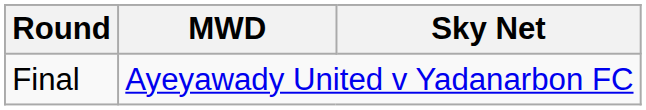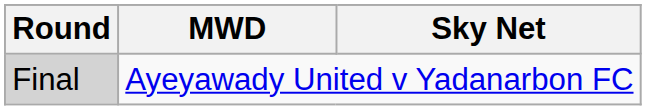 <table class="wikitable">
 <tr>
 <th>Round</th>
 <th>MWD</th>
 <th>Sky Net</th>
 </tr>
 <tr>
-<td>Final</td>
+<td style="background: lightgrey;">Final</td>
 <td colspan=2 align=center><a href='#'>Ayeyawady United v Yadanarbon FC</a></td>
 </tr>
 </table>
